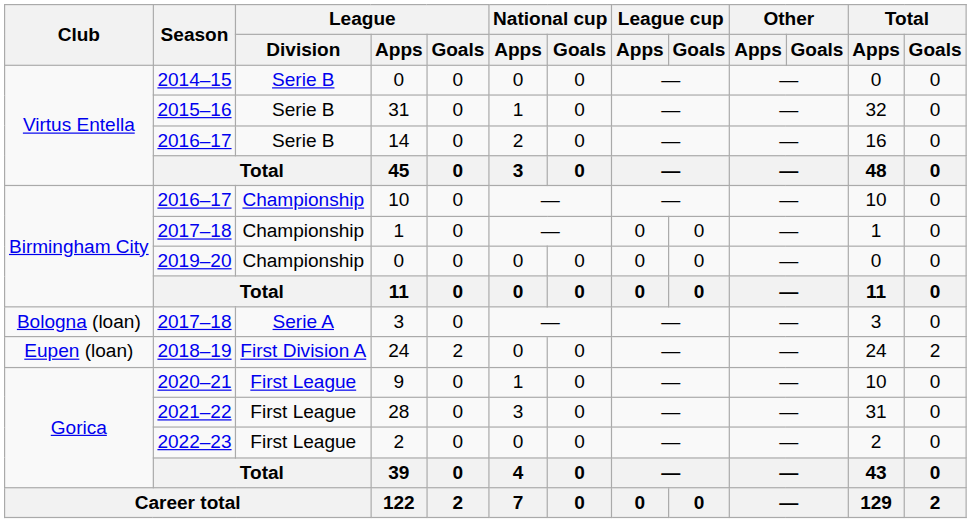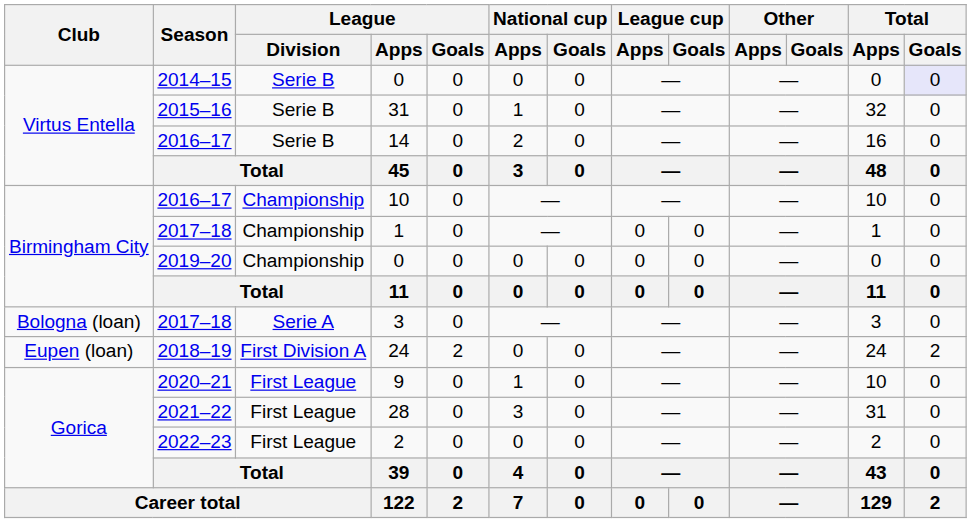 <table class=wikitable style="text-align:center">
 <tr>
 <th rowspan=2>Club</th>
 <th rowspan=2>Season</th>
 <th colspan=3>League</th>
 <th colspan=2>National cup</th>
 <th colspan=2>League cup</th>
 <th colspan=2>Other</th>
 <th colspan=2>Total</th>
 </tr>
 <tr>
 <th>Division</th>
 <th>Apps</th>
 <th>Goals</th>
 <th>Apps</th>
 <th>Goals</th>
 <th>Apps</th>
 <th>Goals</th>
 <th>Apps</th>
 <th>Goals</th>
 <th>Apps</th>
 <th>Goals</th>
 </tr>
 <tr>
 <td rowspan=4><a href='#'>Virtus Entella</a></td>
 <td><a href='#'>2014–15</a></td>
 <td><a href='#'>Serie B</a></td>
 <td>0</td>
 <td>0</td>
 <td>0</td>
 <td>0</td>
 <td colspan=2>—</td>
 <td colspan=2>—</td>
 <td>0</td>
-<td>0</td>
+<td style="background: lavender;">0</td>
 </tr>
 <tr>
 <td><a href='#'>2015–16</a></td>
 <td>Serie B</td>
 <td>31</td>
 <td>0</td>
 <td>1</td>
 <td>0</td>
 <td colspan=2>—</td>
 <td colspan=2>—</td>
 <td>32</td>
 <td>0</td>
 </tr>
 <tr>
 <td><a href='#'>2016–17</a></td>
 <td>Serie B</td>
 <td>14</td>
 <td>0</td>
 <td>2</td>
 <td>0</td>
 <td colspan=2>—</td>
 <td colspan=2>—</td>
 <td>16</td>
 <td>0</td>
 </tr>
 <tr>
 <th colspan=2>Total</th>
 <th>45</th>
 <th>0</th>
 <th>3</th>
 <th>0</th>
 <th colspan=2>—</th>
 <th colspan=2>—</th>
 <th>48</th>
 <th>0</th>
 </tr>
 <tr>
 <td rowspan=4><a href='#'>Birmingham City</a></td>
 <td><a href='#'>2016–17</a></td>
 <td><a href='#'>Championship</a></td>
 <td>10</td>
 <td>0</td>
 <td colspan=2>—</td>
 <td colspan=2>—</td>
 <td colspan=2>—</td>
 <td>10</td>
 <td>0</td>
 </tr>
 <tr>
 <td><a href='#'>2017–18</a></td>
 <td>Championship</td>
 <td>1</td>
 <td>0</td>
 <td colspan=2>—</td>
 <td>0</td>
 <td>0</td>
 <td colspan=2>—</td>
 <td>1</td>
 <td>0</td>
 </tr>
 <tr>
 <td><a href='#'>2019–20</a></td>
 <td>Championship</td>
 <td>0</td>
 <td>0</td>
 <td>0</td>
 <td>0</td>
 <td>0</td>
 <td>0</td>
 <td colspan=2>—</td>
 <td>0</td>
 <td>0</td>
 </tr>
 <tr>
 <th colspan=2>Total</th>
 <th>11</th>
 <th>0</th>
 <th>0</th>
 <th>0</th>
 <th>0</th>
 <th>0</th>
 <th colspan=2>—</th>
 <th>11</th>
 <th>0</th>
 </tr>
 <tr>
 <td><a href='#'>Bologna</a> (loan)</td>
 <td><a href='#'>2017–18</a></td>
 <td><a href='#'>Serie A</a></td>
 <td>3</td>
 <td>0</td>
 <td colspan=2>—</td>
 <td colspan=2>—</td>
 <td colspan=2>—</td>
 <td>3</td>
 <td>0</td>
 </tr>
 <tr>
 <td><a href='#'>Eupen</a> (loan)</td>
 <td><a href='#'>2018–19</a></td>
 <td><a href='#'>First Division A</a></td>
 <td>24</td>
 <td>2</td>
 <td>0</td>
 <td>0</td>
 <td colspan=2>—</td>
 <td colspan=2>—</td>
 <td>24</td>
 <td>2</td>
 </tr>
 <tr>
 <td rowspan=4><a href='#'>Gorica</a></td>
 <td><a href='#'>2020–21</a></td>
 <td><a href='#'>First League</a></td>
 <td>9</td>
 <td>0</td>
 <td>1</td>
 <td>0</td>
 <td colspan=2>—</td>
 <td colspan=2>—</td>
 <td>10</td>
 <td>0</td>
 </tr>
 <tr>
 <td><a href='#'>2021–22</a></td>
 <td>First League</td>
 <td>28</td>
 <td>0</td>
 <td>3</td>
 <td>0</td>
 <td colspan=2>—</td>
 <td colspan=2>—</td>
 <td>31</td>
 <td>0</td>
 </tr>
 <tr>
 <td><a href='#'>2022–23</a></td>
 <td>First League</td>
 <td>2</td>
 <td>0</td>
 <td>0</td>
 <td>0</td>
 <td colspan=2>—</td>
 <td colspan=2>—</td>
 <td>2</td>
 <td>0</td>
 </tr>
 <tr>
 <th colspan=2>Total</th>
 <th>39</th>
 <th>0</th>
 <th>4</th>
 <th>0</th>
 <th colspan=2>—</th>
 <th colspan=2>—</th>
 <th>43</th>
 <th>0</th>
 </tr>
 <tr>
 <th colspan=3>Career total</th>
 <th>122</th>
 <th>2</th>
 <th>7</th>
 <th>0</th>
 <th>0</th>
 <th>0</th>
 <th colspan=2>—</th>
 <th>129</th>
 <th>2</th>
 </tr>
 </table>
